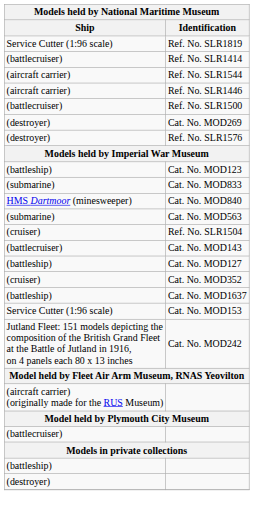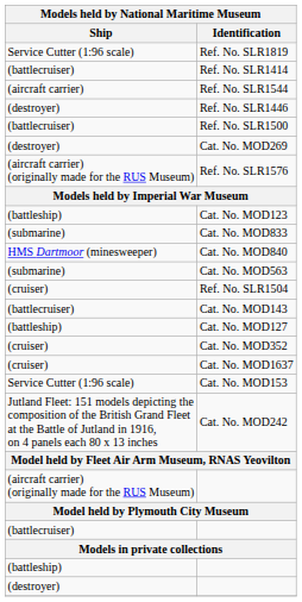 <table class="wikitable">
 <tr>
 <th colspan="2">Models held by National Maritime Museum</th>
 </tr>
 <tr>
 <th>Ship</th>
 <th>Identification</th>
 </tr>
 <tr>
 <td>Service Cutter (1:96 scale)</td>
 <td>Ref. No. SLR1819</td>
 </tr>
 <tr>
 <td> (battlecruiser)</td>
 <td>Ref. No. SLR1414</td>
 </tr>
 <tr>
 <td> (aircraft carrier)</td>
 <td>Ref. No. SLR1544</td>
 </tr>
 <tr>
-<td> (aircraft carrier)</td>
+<td> (destroyer)</td>
 <td>Ref. No. SLR1446</td>
 </tr>
 <tr>
 <td> (battlecruiser)</td>
 <td>Ref. No. SLR1500</td>
 </tr>
 <tr>
 <td> (destroyer)</td>
 <td>Cat. No. MOD269</td>
 </tr>
 <tr>
-<td> (destroyer)</td>
+<td> (aircraft carrier)<br>(originally made for the <a href='#'>RUS</a> Museum)</td>
 <td>Ref. No. SLR1576</td>
 </tr>
 <tr>
 <th colspan="2">Models held by Imperial War Museum</th>
 </tr>
 <tr>
 <td> (battleship)</td>
 <td>Cat. No. MOD123</td>
 </tr>
 <tr>
 <td> (submarine)</td>
 <td>Cat. No. MOD833</td>
 </tr>
 <tr>
 <td><a href='#'>HMS <em>Dartmoor</em></a> (minesweeper)</td>
 <td>Cat. No. MOD840</td>
 </tr>
 <tr>
 <td> (submarine)</td>
 <td>Cat. No. MOD563</td>
 </tr>
 <tr>
 <td> (cruiser)</td>
 <td>Ref. No. SLR1504</td>
 </tr>
 <tr>
 <td> (battlecruiser)</td>
 <td>Cat. No. MOD143</td>
 </tr>
 <tr>
 <td> (battleship)</td>
 <td>Cat. No. MOD127</td>
 </tr>
 <tr>
 <td> (cruiser)</td>
 <td>Cat. No. MOD352</td>
 </tr>
 <tr>
-<td> (battleship)</td>
+<td> (cruiser)</td>
 <td>Cat. No. MOD1637</td>
 </tr>
 <tr>
 <td>Service Cutter (1:96 scale)</td>
 <td>Cat. No. MOD153</td>
 </tr>
 <tr>
 <td>Jutland Fleet: 151 models depicting the<br>composition of the British Grand Fleet<br>at the Battle of Jutland in 1916,<br>on 4 panels each 80 x 13 inches</td>
 <td>Cat. No. MOD242</td>
 </tr>
 <tr>
 <th colspan="2">Model held by Fleet Air Arm Museum, RNAS Yeovilton</th>
 </tr>
 <tr>
 <td> (aircraft carrier)<br>(originally made for the <a href='#'>RUS</a> Museum)</td>
 <td></td>
 </tr>
 <tr>
 <th colspan="2">Model held by Plymouth City Museum</th>
 </tr>
 <tr>
 <td> (battlecruiser)</td>
 <td></td>
 </tr>
 <tr>
 <th colspan="2">Models in private collections</th>
 </tr>
 <tr>
 <td> (battleship)</td>
 <td></td>
 </tr>
 <tr>
 <td> (destroyer)</td>
 <td></td>
 </tr>
 <tr>
 </tr>
 </table>
